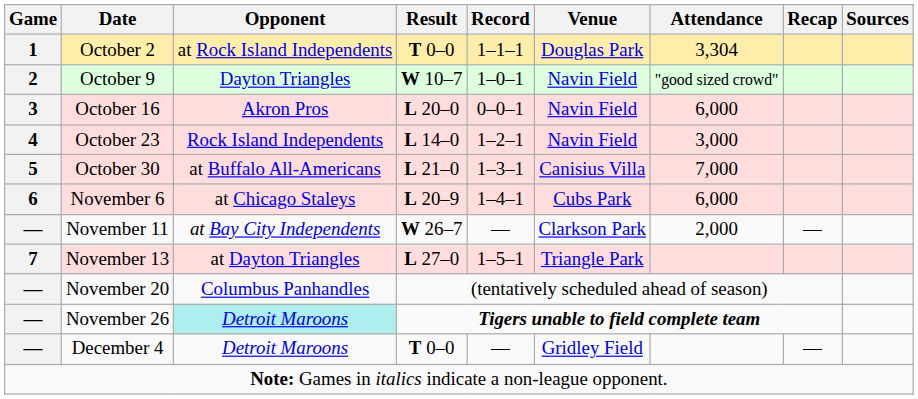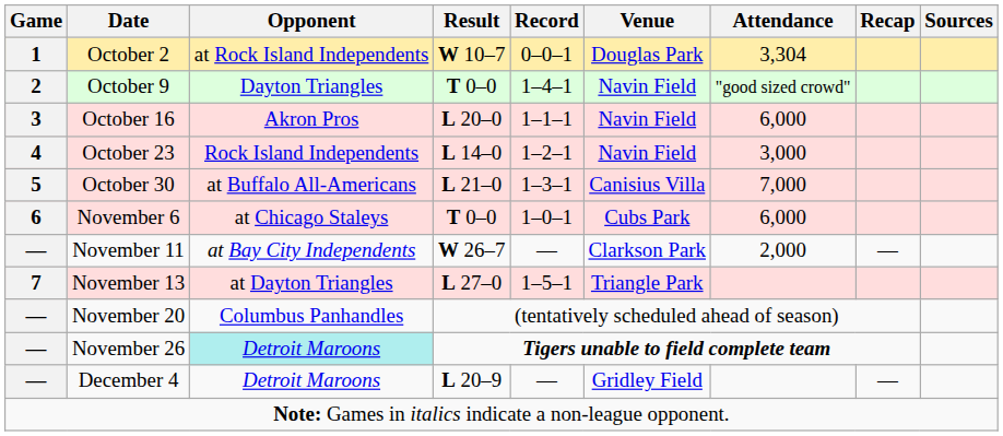 <table class="wikitable" style="text-align:center">
 <tr>
 <th>Game</th>
 <th>Date</th>
 <th>Opponent</th>
 <th>Result</th>
 <th>Record</th>
 <th>Venue</th>
 <th>Attendance</th>
 <th>Recap</th>
 <th>Sources</th>
 </tr>
 <tr style="background: #ffeeaa;">
 <th>1</th>
 <td>October 2</td>
 <td>at <a href='#'>Rock Island Independents</a></td>
-<td><strong>T</strong> 0–0</td>
-<td>1–1–1</td>
+<td><strong>W</strong> 10–7</td>
+<td>0–0–1</td>
 <td><a href='#'>Douglas Park</a></td>
 <td>3,304</td>
 <td></td>
 <td></td>
 </tr>
 <tr style="background: #ddffdd;">
 <th>2</th>
 <td>October 9</td>
 <td><a href='#'>Dayton Triangles</a></td>
-<td><strong>W</strong> 10–7</td>
-<td>1–0–1</td>
+<td><strong>T</strong> 0–0</td>
+<td>1–4–1</td>
 <td><a href='#'>Navin Field</a></td>
 <td><small>"good sized crowd"</small></td>
 <td></td>
 <td></td>
 </tr>
 <tr style="background: #ffdddd;">
 <th>3</th>
 <td>October 16</td>
 <td><a href='#'>Akron Pros</a></td>
 <td><strong>L</strong> 20–0</td>
-<td>0–0–1</td>
+<td>1–1–1</td>
 <td><a href='#'>Navin Field</a></td>
 <td>6,000</td>
 <td></td>
 <td></td>
 </tr>
 <tr style="background: #ffdddd;">
 <th>4</th>
 <td>October 23</td>
 <td><a href='#'>Rock Island Independents</a></td>
 <td><strong>L</strong> 14–0</td>
 <td>1–2–1</td>
 <td><a href='#'>Navin Field</a></td>
 <td>3,000</td>
 <td></td>
 <td></td>
 </tr>
 <tr style="background: #ffdddd;">
 <th>5</th>
 <td>October 30</td>
 <td>at <a href='#'>Buffalo All-Americans</a></td>
 <td><strong>L</strong> 21–0</td>
 <td>1–3–1</td>
 <td><a href='#'>Canisius Villa</a></td>
 <td>7,000</td>
 <td></td>
 <td></td>
 </tr>
 <tr style="background: #ffdddd;">
 <th>6</th>
 <td>November 6</td>
 <td>at <a href='#'>Chicago Staleys</a></td>
-<td><strong>L</strong> 20–9</td>
-<td>1–4–1</td>
+<td><strong>T</strong> 0–0</td>
+<td>1–0–1</td>
 <td><a href='#'>Cubs Park</a></td>
 <td>6,000</td>
 <td></td>
 <td></td>
 </tr>
 <tr>
 <th>—</th>
 <td>November 11</td>
 <td><em>at <a href='#'>Bay City Independents</a></em></td>
 <td><strong>W</strong> 26–7</td>
 <td>—</td>
 <td><a href='#'>Clarkson Park</a></td>
 <td>2,000</td>
 <td>—</td>
 <td></td>
 </tr>
 <tr style="background: #ffdddd;">
 <th>7</th>
 <td>November 13</td>
 <td>at <a href='#'>Dayton Triangles</a></td>
 <td><strong>L</strong> 27–0</td>
 <td>1–5–1</td>
 <td><a href='#'>Triangle Park</a></td>
 <td></td>
 <td></td>
 <td></td>
 </tr>
 <tr>
 <th>—</th>
 <td>November 20</td>
 <td><a href='#'>Columbus Panhandles</a></td>
 <td colspan="5">(tentatively scheduled ahead of season)</td>
 <td></td>
 </tr>
 <tr>
 <th>—</th>
 <td>November 26</td>
 <td style="background: paleturquoise;"><em><a href='#'>Detroit Maroons</a></em></td>
 <td colspan="5"><strong><em>Tigers unable to field complete team</em></strong></td>
 <td></td>
 </tr>
 <tr>
 <th>—</th>
 <td>December 4</td>
 <td><em><a href='#'>Detroit Maroons</a></em></td>
-<td><strong>T</strong> 0–0</td>
+<td><strong>L</strong> 20–9</td>
 <td>—</td>
 <td><a href='#'>Gridley Field</a></td>
 <td></td>
 <td>—</td>
 <td></td>
 </tr>
 <tr>
 <td colspan="10"><strong>Note:</strong> Games in <em>italics</em> indicate a non-league opponent.</td>
 </tr>
 </table>
